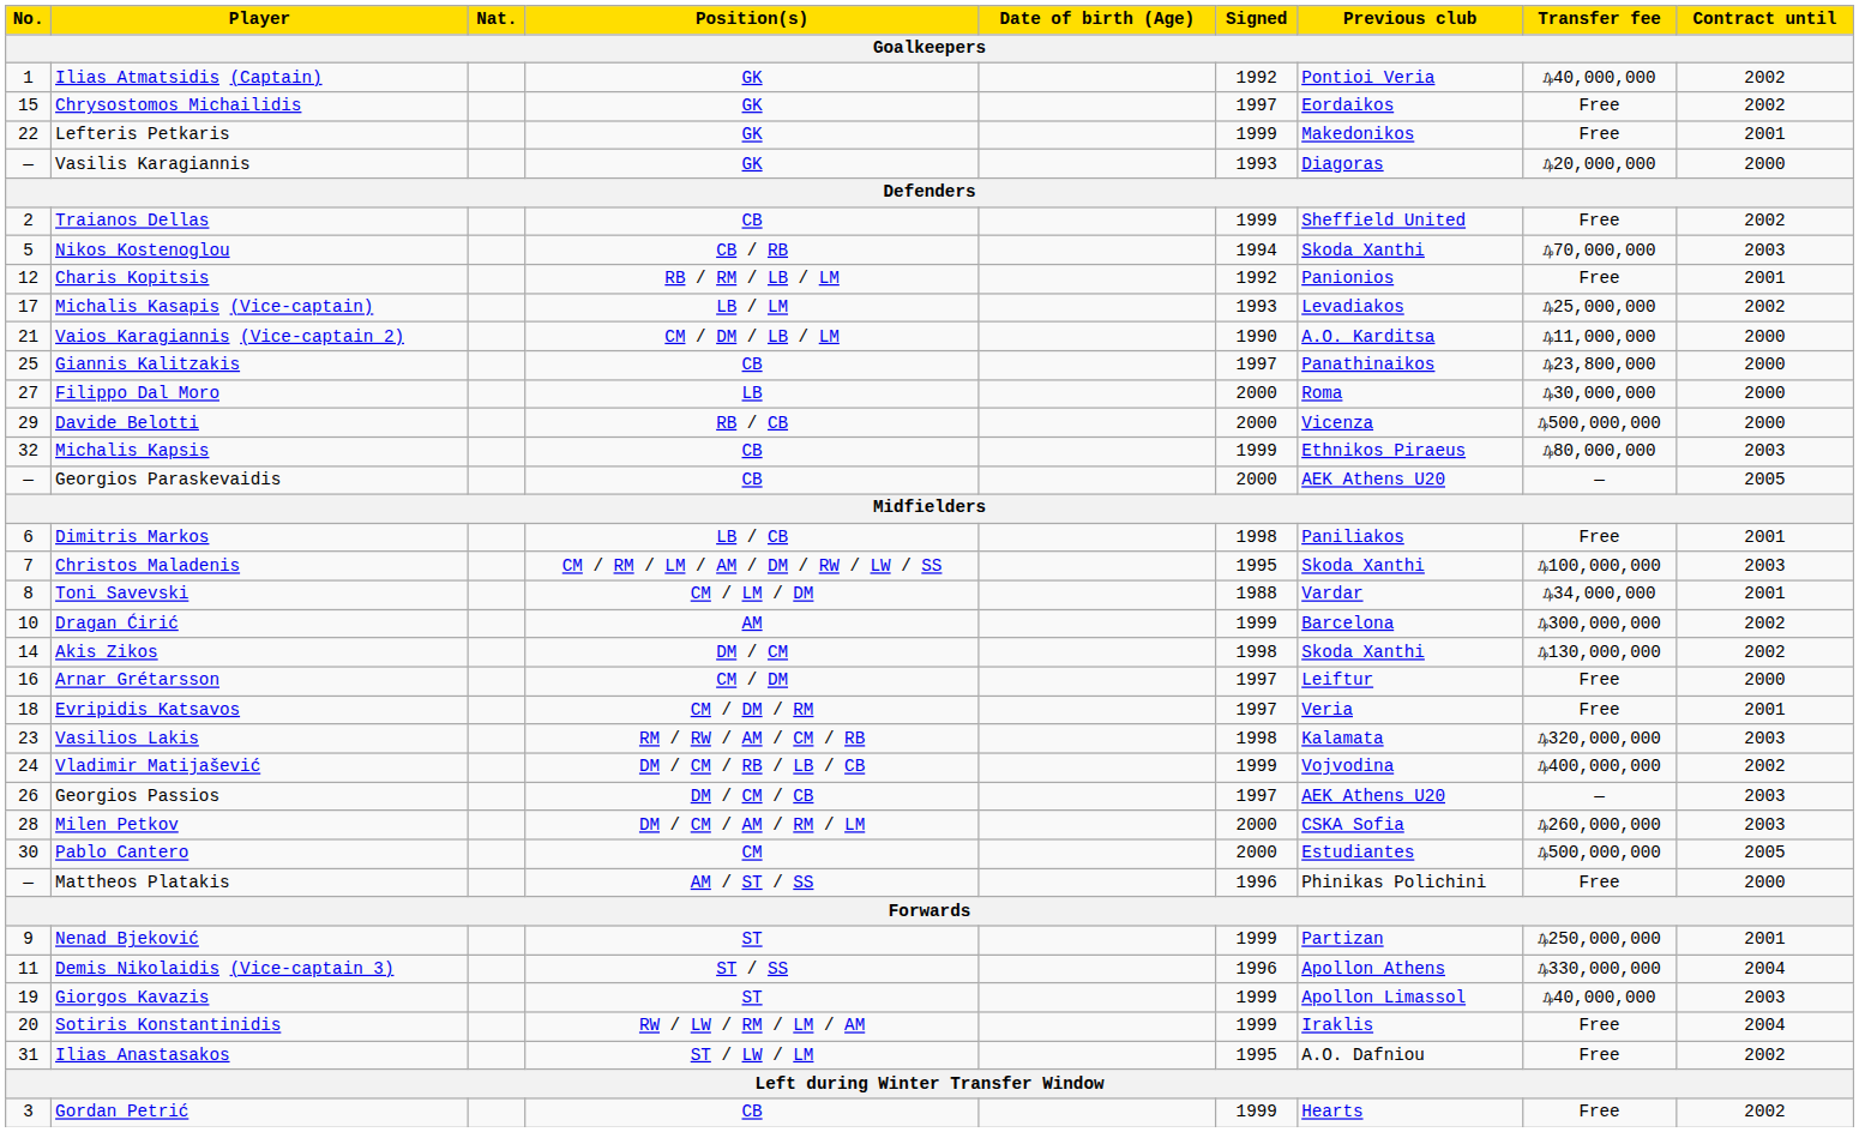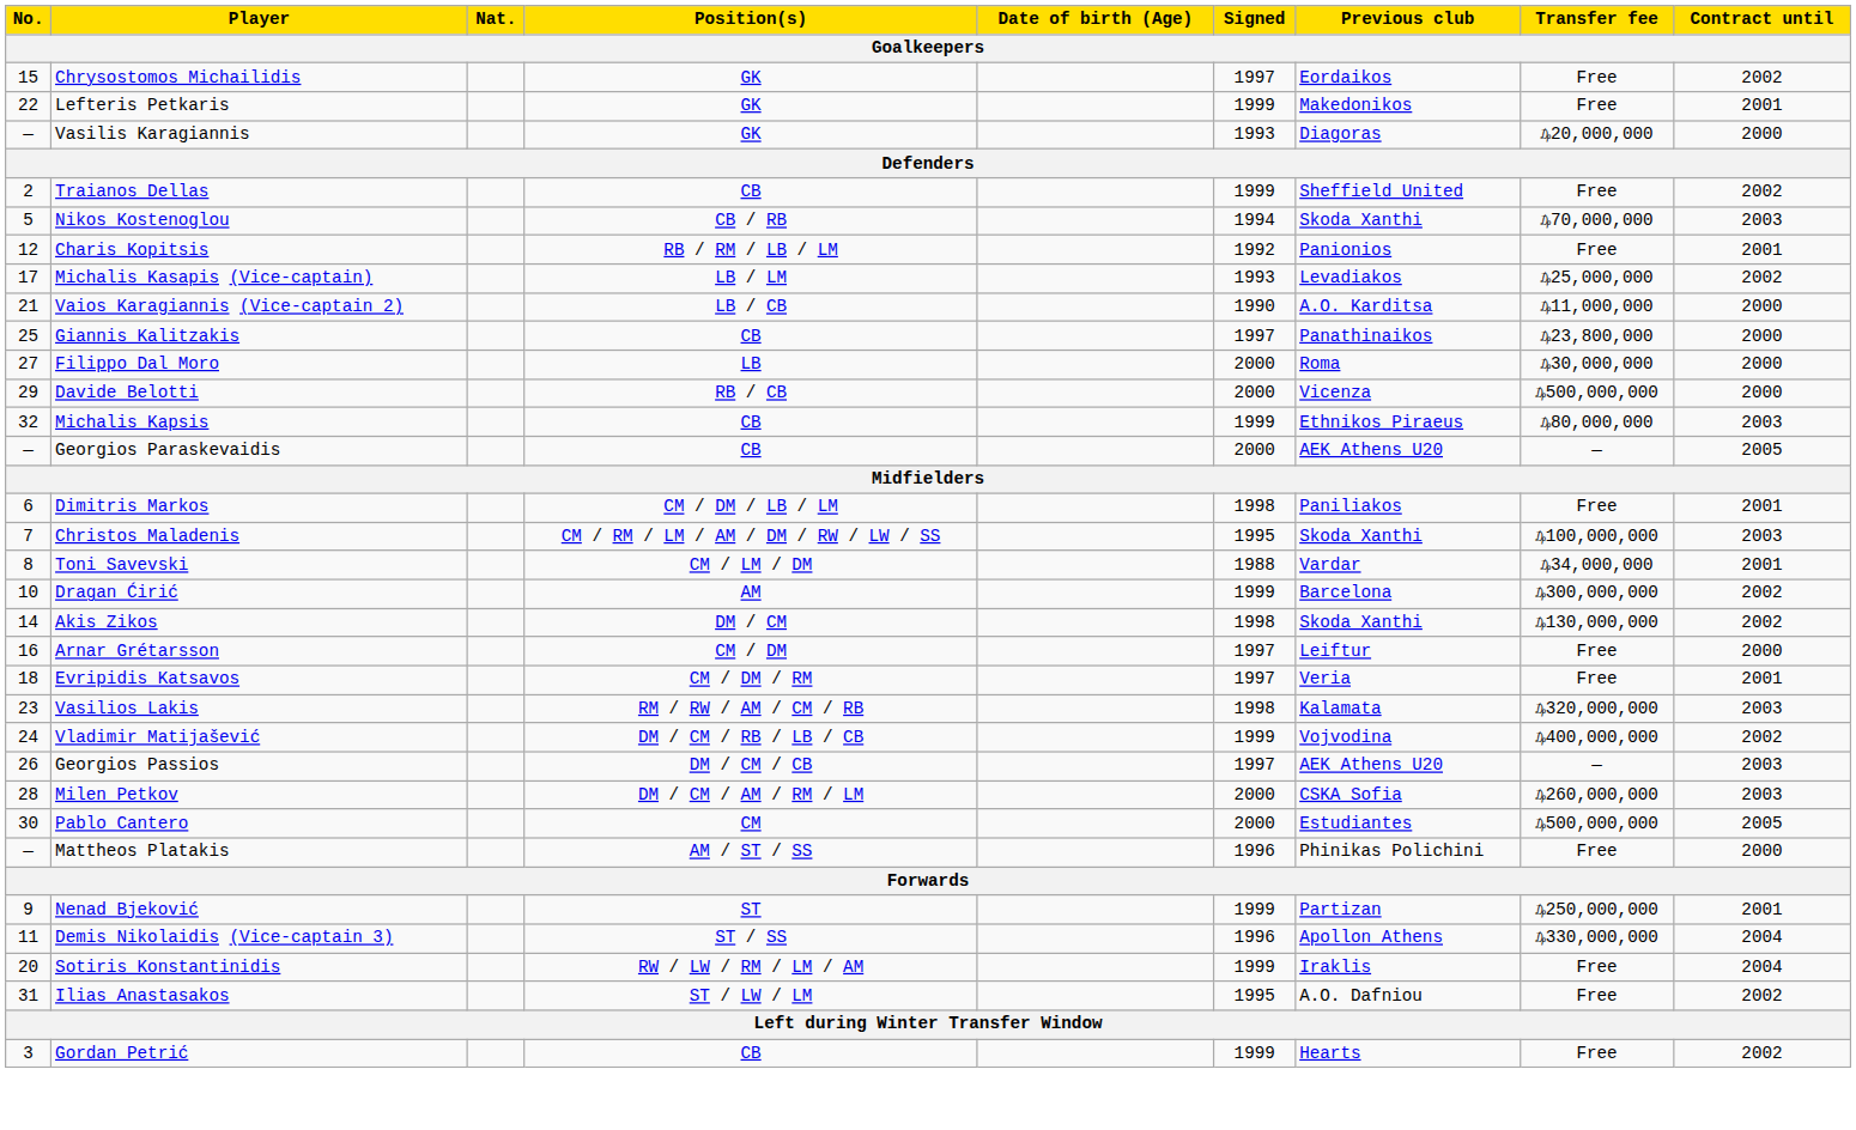 <table class="wikitable" style="text-align:center; font-size:90%; width:100%">
 <tr>
 <th style="background:#FFDE00">No.</th>
 <th style="background:#FFDE00">Player</th>
 <th style="background:#FFDE00">Nat.</th>
 <th style="background:#FFDE00">Position(s)</th>
 <th style="background:#FFDE00">Date of birth (Age)</th>
 <th style="background:#FFDE00">Signed</th>
 <th style="background:#FFDE00">Previous club</th>
 <th style="background:#FFDE00">Transfer fee</th>
 <th style="background:#FFDE00">Contract until</th>
 </tr>
 <tr>
 <th colspan="9">Goalkeepers</th>
-</tr>
-<tr>
-<td>1</td>
-<td align=left><a href='#'>Ilias Atmatsidis</a> <a href='#'>(Captain)</a></td>
-<td></td>
-<td><a href='#'>GK</a></td>
-<td></td>
-<td>1992</td>
-<td align=left> <a href='#'>Pontioi Veria</a></td>
-<td>₯40,000,000</td>
-<td>2002</td>
 </tr>
 <tr>
 <td>15</td>
 <td align=left><a href='#'>Chrysostomos Michailidis</a></td>
 <td></td>
 <td><a href='#'>GK</a></td>
 <td></td>
 <td>1997</td>
 <td align=left> <a href='#'>Eordaikos</a></td>
 <td>Free</td>
 <td>2002</td>
 </tr>
 <tr>
 <td>22</td>
 <td align=left>Lefteris Petkaris</td>
 <td></td>
 <td><a href='#'>GK</a></td>
 <td></td>
 <td>1999</td>
 <td align=left> <a href='#'>Makedonikos</a></td>
 <td>Free</td>
 <td>2001</td>
 </tr>
 <tr>
 <td>—</td>
 <td align=left>Vasilis Karagiannis</td>
 <td></td>
 <td><a href='#'>GK</a></td>
 <td></td>
 <td>1993</td>
 <td align=left> <a href='#'>Diagoras</a></td>
 <td>₯20,000,000</td>
 <td>2000</td>
 </tr>
 <tr>
 <th colspan="9">Defenders</th>
 </tr>
 <tr>
 <td>2</td>
 <td align=left><a href='#'>Traianos Dellas</a></td>
 <td></td>
 <td><a href='#'>CB</a></td>
 <td></td>
 <td>1999</td>
 <td align=left> <a href='#'>Sheffield United</a></td>
 <td>Free</td>
 <td>2002</td>
 </tr>
 <tr>
 <td>5</td>
 <td align=left><a href='#'>Nikos Kostenoglou</a></td>
 <td></td>
 <td><a href='#'>CB</a> / <a href='#'>RB</a></td>
 <td></td>
 <td>1994</td>
 <td align=left> <a href='#'>Skoda Xanthi</a></td>
 <td>₯70,000,000</td>
 <td>2003</td>
 </tr>
 <tr>
 <td>12</td>
 <td align=left><a href='#'>Charis Kopitsis</a></td>
 <td></td>
 <td><a href='#'>RB</a> / <a href='#'>RM</a> / <a href='#'>LB</a> / <a href='#'>LM</a></td>
 <td></td>
 <td>1992</td>
 <td align=left> <a href='#'>Panionios</a></td>
 <td>Free</td>
 <td>2001</td>
 </tr>
 <tr>
 <td>17</td>
 <td align=left><a href='#'>Michalis Kasapis</a> <a href='#'>(Vice-captain)</a></td>
 <td></td>
 <td><a href='#'>LB</a> / <a href='#'>LM</a></td>
 <td></td>
 <td>1993</td>
 <td align=left> <a href='#'>Levadiakos</a></td>
 <td>₯25,000,000</td>
 <td>2002</td>
 </tr>
 <tr>
 <td>21</td>
 <td align=left><a href='#'>Vaios Karagiannis</a> <a href='#'>(Vice-captain 2)</a></td>
 <td></td>
-<td><a href='#'>CM</a> / <a href='#'>DM</a> / <a href='#'>LB</a> / <a href='#'>LM</a></td>
+<td><a href='#'>LB</a> / <a href='#'>CB</a></td>
 <td></td>
 <td>1990</td>
 <td align=left> <a href='#'>A.O. Karditsa</a></td>
 <td>₯11,000,000</td>
 <td>2000</td>
 </tr>
 <tr>
 <td>25</td>
 <td align=left><a href='#'>Giannis Kalitzakis</a></td>
 <td></td>
 <td><a href='#'>CB</a></td>
 <td></td>
 <td>1997</td>
 <td align=left> <a href='#'>Panathinaikos</a></td>
 <td>₯23,800,000</td>
 <td>2000</td>
 </tr>
 <tr>
 <td>27</td>
 <td align=left><a href='#'>Filippo Dal Moro</a></td>
 <td></td>
 <td><a href='#'>LB</a></td>
 <td></td>
 <td>2000</td>
 <td align=left> <a href='#'>Roma</a></td>
 <td>₯30,000,000</td>
 <td>2000</td>
 </tr>
 <tr>
 <td>29</td>
 <td align=left><a href='#'>Davide Belotti</a></td>
 <td></td>
 <td><a href='#'>RB</a> / <a href='#'>CB</a></td>
 <td></td>
 <td>2000</td>
 <td align=left> <a href='#'>Vicenza</a></td>
 <td>₯500,000,000</td>
 <td>2000</td>
 </tr>
 <tr>
 <td>32</td>
 <td align=left><a href='#'>Michalis Kapsis</a></td>
 <td></td>
 <td><a href='#'>CB</a></td>
 <td></td>
 <td>1999</td>
 <td align=left> <a href='#'>Ethnikos Piraeus</a></td>
 <td>₯80,000,000</td>
 <td>2003</td>
 </tr>
 <tr>
 <td>—</td>
 <td align=left>Georgios Paraskevaidis</td>
 <td></td>
 <td><a href='#'>CB</a></td>
 <td></td>
 <td>2000</td>
 <td align=left> <a href='#'>AEK Athens U20</a></td>
 <td>—</td>
 <td>2005</td>
 </tr>
 <tr>
 <th colspan="9">Midfielders</th>
 </tr>
 <tr>
 <td>6</td>
 <td align=left><a href='#'>Dimitris Markos</a></td>
 <td></td>
-<td><a href='#'>LB</a> / <a href='#'>CB</a></td>
+<td><a href='#'>CM</a> / <a href='#'>DM</a> / <a href='#'>LB</a> / <a href='#'>LM</a></td>
 <td></td>
 <td>1998</td>
 <td align=left> <a href='#'>Paniliakos</a></td>
 <td>Free</td>
 <td>2001</td>
 </tr>
 <tr>
 <td>7</td>
 <td align=left><a href='#'>Christos Maladenis</a></td>
 <td></td>
 <td><a href='#'>CM</a> / <a href='#'>RM</a> / <a href='#'>LM</a> / <a href='#'>AM</a> / <a href='#'>DM</a> / <a href='#'>RW</a> / <a href='#'>LW</a> / <a href='#'>SS</a></td>
 <td></td>
 <td>1995</td>
 <td align=left> <a href='#'>Skoda Xanthi</a></td>
 <td>₯100,000,000</td>
 <td>2003</td>
 </tr>
 <tr>
 <td>8</td>
 <td align=left><a href='#'>Toni Savevski</a></td>
 <td></td>
 <td><a href='#'>CM</a> / <a href='#'>LM</a> / <a href='#'>DM</a></td>
 <td></td>
 <td>1988</td>
 <td align=left> <a href='#'>Vardar</a></td>
 <td>₯34,000,000</td>
 <td>2001</td>
 </tr>
 <tr>
 <td>10</td>
 <td align=left><a href='#'>Dragan Ćirić</a></td>
 <td></td>
 <td><a href='#'>AM</a></td>
 <td></td>
 <td>1999</td>
 <td align=left> <a href='#'>Barcelona</a></td>
 <td>₯300,000,000</td>
 <td>2002</td>
 </tr>
 <tr>
 <td>14</td>
 <td align=left><a href='#'>Akis Zikos</a></td>
 <td></td>
 <td><a href='#'>DM</a> / <a href='#'>CM</a></td>
 <td></td>
 <td>1998</td>
 <td align=left> <a href='#'>Skoda Xanthi</a></td>
 <td>₯130,000,000</td>
 <td>2002</td>
 </tr>
 <tr>
 <td>16</td>
 <td align=left><a href='#'>Arnar Grétarsson</a></td>
 <td></td>
 <td><a href='#'>CM</a> / <a href='#'>DM</a></td>
 <td></td>
 <td>1997</td>
 <td align=left> <a href='#'>Leiftur</a></td>
 <td>Free</td>
 <td>2000</td>
 </tr>
 <tr>
 <td>18</td>
 <td align=left><a href='#'>Evripidis Katsavos</a></td>
 <td></td>
 <td><a href='#'>CM</a> / <a href='#'>DM</a> / <a href='#'>RM</a></td>
 <td></td>
 <td>1997</td>
 <td align=left> <a href='#'>Veria</a></td>
 <td>Free</td>
 <td>2001</td>
 </tr>
 <tr>
 <td>23</td>
 <td align=left><a href='#'>Vasilios Lakis</a></td>
 <td></td>
 <td><a href='#'>RM</a> / <a href='#'>RW</a> / <a href='#'>AM</a> / <a href='#'>CM</a> / <a href='#'>RB</a></td>
 <td></td>
 <td>1998</td>
 <td align=left> <a href='#'>Kalamata</a></td>
 <td>₯320,000,000</td>
 <td>2003</td>
 </tr>
 <tr>
 <td>24</td>
 <td align=left><a href='#'>Vladimir Matijašević</a></td>
 <td></td>
 <td><a href='#'>DM</a> / <a href='#'>CM</a> / <a href='#'>RB</a> / <a href='#'>LB</a> / <a href='#'>CB</a></td>
 <td></td>
 <td>1999</td>
 <td align=left> <a href='#'>Vojvodina</a></td>
 <td>₯400,000,000</td>
 <td>2002</td>
 </tr>
 <tr>
 <td>26</td>
 <td align=left>Georgios Passios</td>
 <td></td>
 <td><a href='#'>DM</a> / <a href='#'>CM</a> / <a href='#'>CB</a></td>
 <td></td>
 <td>1997</td>
 <td align=left> <a href='#'>AEK Athens U20</a></td>
 <td>—</td>
 <td>2003</td>
 </tr>
 <tr>
 <td>28</td>
 <td align=left><a href='#'>Milen Petkov</a></td>
 <td></td>
 <td><a href='#'>DM</a> / <a href='#'>CM</a> / <a href='#'>AM</a> / <a href='#'>RM</a> / <a href='#'>LM</a></td>
 <td></td>
 <td>2000</td>
 <td align=left> <a href='#'>CSKA Sofia</a></td>
 <td>₯260,000,000</td>
 <td>2003</td>
 </tr>
 <tr>
 <td>30</td>
 <td align=left><a href='#'>Pablo Cantero</a></td>
 <td></td>
 <td><a href='#'>CM</a></td>
 <td></td>
 <td>2000</td>
 <td align=left> <a href='#'>Estudiantes</a></td>
 <td>₯500,000,000</td>
 <td>2005</td>
 </tr>
 <tr>
 <td>—</td>
 <td align=left>Mattheos Platakis</td>
 <td></td>
 <td><a href='#'>AM</a> / <a href='#'>ST</a> / <a href='#'>SS</a></td>
 <td></td>
 <td>1996</td>
 <td align=left> Phinikas Polichini</td>
 <td>Free</td>
 <td>2000</td>
 </tr>
 <tr>
 <th colspan="9">Forwards</th>
 </tr>
 <tr>
 <td>9</td>
 <td align=left><a href='#'>Nenad Bjeković</a></td>
 <td></td>
 <td><a href='#'>ST</a></td>
 <td></td>
 <td>1999</td>
 <td align=left> <a href='#'>Partizan</a></td>
 <td>₯250,000,000</td>
 <td>2001</td>
 </tr>
 <tr>
 <td>11</td>
 <td align=left><a href='#'>Demis Nikolaidis</a> <a href='#'>(Vice-captain 3)</a></td>
 <td></td>
 <td><a href='#'>ST</a> / <a href='#'>SS</a></td>
 <td></td>
 <td>1996</td>
 <td align=left> <a href='#'>Apollon Athens</a></td>
 <td>₯330,000,000</td>
 <td>2004</td>
 </tr>
 <tr>
-<td>19</td>
-<td align=left><a href='#'>Giorgos Kavazis</a></td>
-<td></td>
-<td><a href='#'>ST</a></td>
-<td></td>
-<td>1999</td>
-<td align=left> <a href='#'>Apollon Limassol</a></td>
-<td>₯40,000,000</td>
-<td>2003</td>
-</tr>
-<tr>
 <td>20</td>
 <td align=left><a href='#'>Sotiris Konstantinidis</a></td>
 <td></td>
 <td><a href='#'>RW</a> / <a href='#'>LW</a> / <a href='#'>RM</a> / <a href='#'>LM</a> / <a href='#'>AM</a></td>
 <td></td>
 <td>1999</td>
 <td align=left> <a href='#'>Iraklis</a></td>
 <td>Free</td>
 <td>2004</td>
 </tr>
 <tr>
 <td>31</td>
 <td align=left><a href='#'>Ilias Anastasakos</a></td>
 <td></td>
 <td><a href='#'>ST</a> / <a href='#'>LW</a> / <a href='#'>LM</a></td>
 <td></td>
 <td>1995</td>
 <td align=left> A.O. Dafniou</td>
 <td>Free</td>
 <td>2002</td>
 </tr>
 <tr>
 <th colspan="9">Left during Winter Transfer Window</th>
 </tr>
 <tr>
 <td>3</td>
 <td align=left><a href='#'>Gordan Petrić</a></td>
 <td></td>
 <td><a href='#'>CB</a></td>
 <td></td>
 <td>1999</td>
 <td align=left> <a href='#'>Hearts</a></td>
 <td>Free</td>
 <td>2002</td>
 </tr>
 </table>
